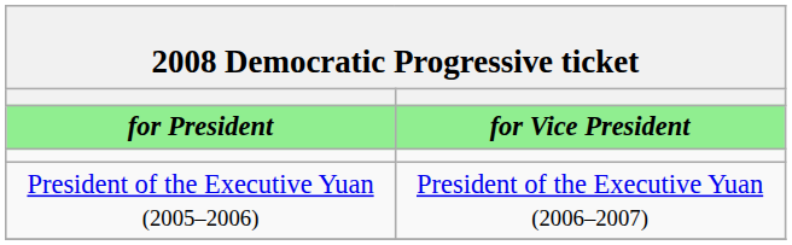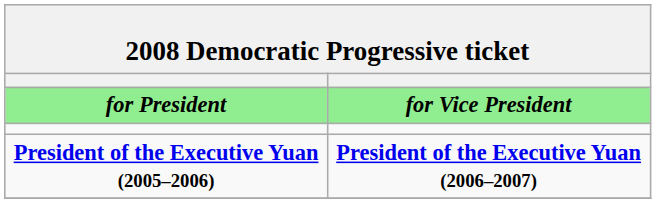 <table class="wikitable" style="font-size:90%; text-align:center;">
 <tr>
 <td colspan="28" style="background:#f1f1f1;"><br><big><strong>2008 Democratic Progressive ticket</strong></big></td>
 </tr>
 <tr>
 <th style="width:3em; font-size:135%; background:"></th>
 <th style="width:3em; font-size:135%; background:"></th>
 </tr>
 <tr style="color:#000; font-size:100%; background:lightgreen;">
 <td style="width:3em; width:200px;"><strong><em>for President</em></strong></td>
 <td style="width:3em; width:200px;"><strong><em>for Vice President</em></strong></td>
 </tr>
 <tr>
 <td></td>
 <td></td>
 </tr>
 <tr>
-<td><a href='#'>President of the Executive Yuan</a><br><small>(2005–2006)</small></td>
-<td><a href='#'>President of the Executive Yuan</a><br><small>(2006–2007)</small></td>
+<td><strong><a href='#'>President of the Executive Yuan</a><br><small>(2005–2006)</small></strong></td>
+<td><strong><a href='#'>President of the Executive Yuan</a><br><small>(2006–2007)</small></strong></td>
 </tr>
 <tr>
 </tr>
 </table>
